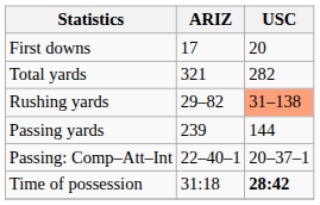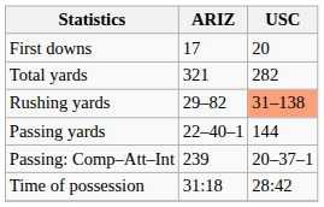 <table class="wikitable" style="float: left;">
 <tr>
 <th>Statistics</th>
 <th>ARIZ</th>
 <th>USC</th>
 </tr>
 <tr>
 <td>First downs</td>
 <td>17</td>
 <td>20</td>
 </tr>
 <tr>
 <td>Total yards</td>
 <td>321</td>
 <td>282</td>
 </tr>
 <tr>
 <td>Rushing yards</td>
 <td>29–82</td>
 <td style="background: lightsalmon;">31–138</td>
 </tr>
 <tr>
 <td>Passing yards</td>
-<td>239</td>
+<td>22–40–1</td>
 <td>144</td>
 </tr>
 <tr>
 <td>Passing: Comp–Att–Int</td>
-<td>22–40–1</td>
+<td>239</td>
 <td>20–37–1</td>
 </tr>
 <tr>
 <td>Time of possession</td>
 <td>31:18</td>
-<td><strong>28:42</strong></td>
+<td>28:42</td>
 </tr>
 <tr>
 </tr>
 </table>
